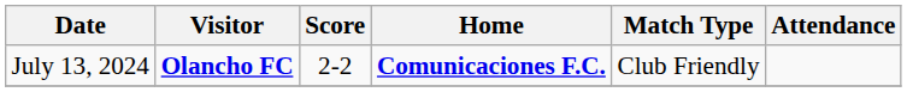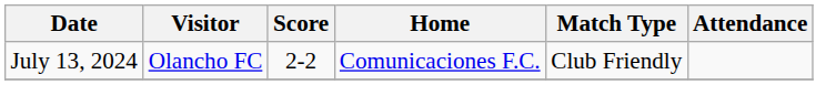 <table class="wikitable" style="text-align:center">
 <tr>
 <th>Date</th>
 <th>Visitor</th>
 <th>Score</th>
 <th>Home</th>
 <th>Match Type</th>
 <th>Attendance</th>
 </tr>
 <tr>
 <td>July 13, 2024</td>
-<td><strong><a href='#'>Olancho FC</a> </strong></td>
+<td><a href='#'>Olancho FC</a> </td>
 <td>2-2</td>
-<td><strong> <a href='#'>Comunicaciones F.C.</a></strong></td>
+<td> <a href='#'>Comunicaciones F.C.</a></td>
 <td>Club Friendly</td>
 <td></td>
 </tr>
 <tr>
 </tr>
 </table>
